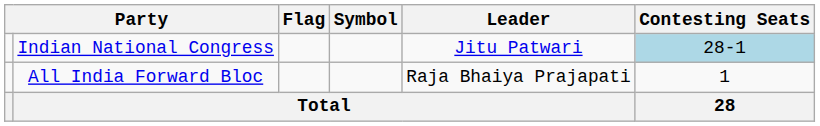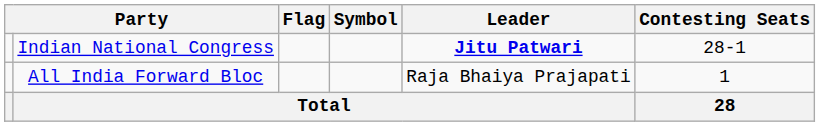 <table class="wikitable" style="text-align:center">
 <tr>
 <th colspan="2">Party</th>
 <th>Flag</th>
 <th>Symbol</th>
 <th>Leader</th>
 <th>Contesting Seats</th>
 </tr>
 <tr>
 <td></td>
 <td><a href='#'>Indian National Congress</a></td>
 <td></td>
 <td></td>
-<td><a href='#'>Jitu Patwari</a></td>
-<td style="background: lightblue;">28-1</td>
+<td><strong><a href='#'>Jitu Patwari</a></strong></td>
+<td>28-1</td>
 </tr>
 <tr>
 <td></td>
 <td><a href='#'>All India Forward Bloc</a></td>
 <td></td>
 <td></td>
 <td>Raja Bhaiya Prajapati</td>
 <td>1</td>
 </tr>
 <tr>
 <th></th>
 <th colspan="4">Total</th>
 <th>28</th>
 </tr>
 </table>
